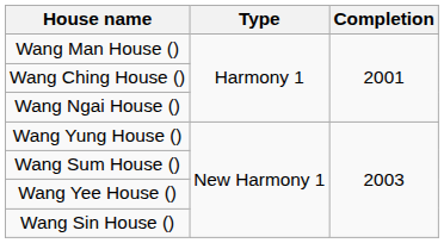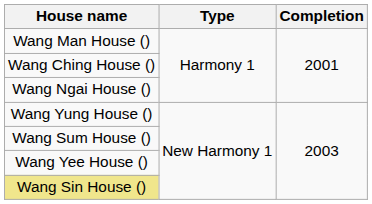 <table class="wikitable" style="text-align: center;">
 <tr>
 <th>House name</th>
 <th>Type</th>
 <th>Completion</th>
 </tr>
 <tr>
 <td>Wang Man House ()</td>
 <td rowspan="3">Harmony 1</td>
 <td rowspan="3">2001</td>
 </tr>
 <tr>
 <td>Wang Ching House ()</td>
 </tr>
 <tr>
 <td>Wang Ngai House ()</td>
 </tr>
 <tr>
 <td>Wang Yung House ()</td>
 <td rowspan="4">New Harmony 1</td>
 <td rowspan="4">2003</td>
 </tr>
 <tr>
 <td>Wang Sum House ()</td>
 </tr>
 <tr>
 <td>Wang Yee House ()</td>
 </tr>
 <tr>
-<td>Wang Sin House ()</td>
+<td style="background: khaki;">Wang Sin House ()</td>
 </tr>
 </table>
